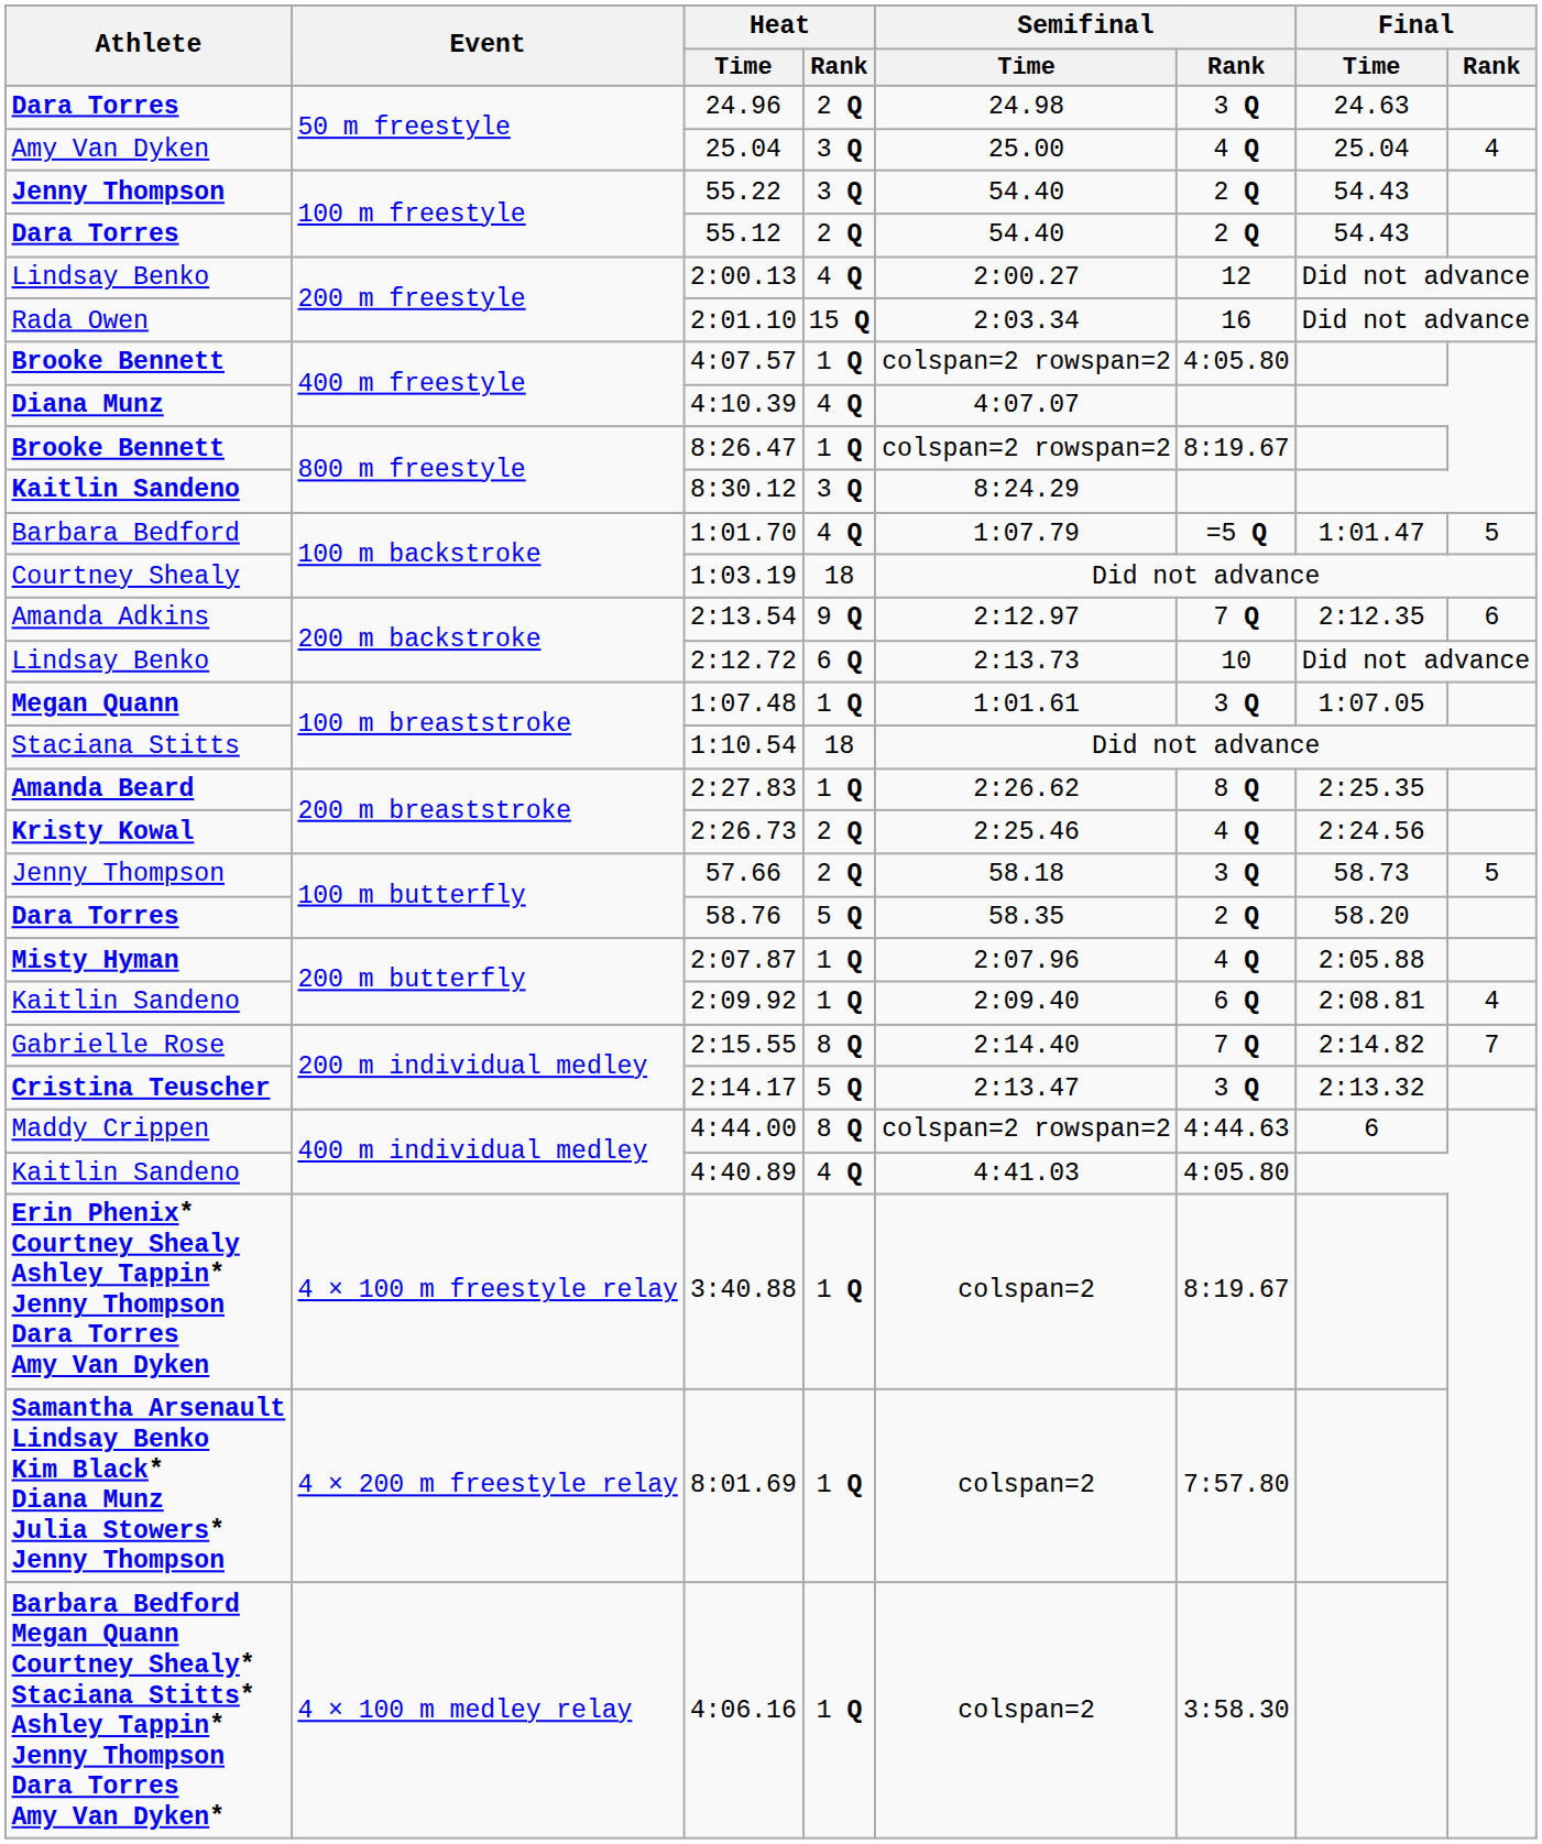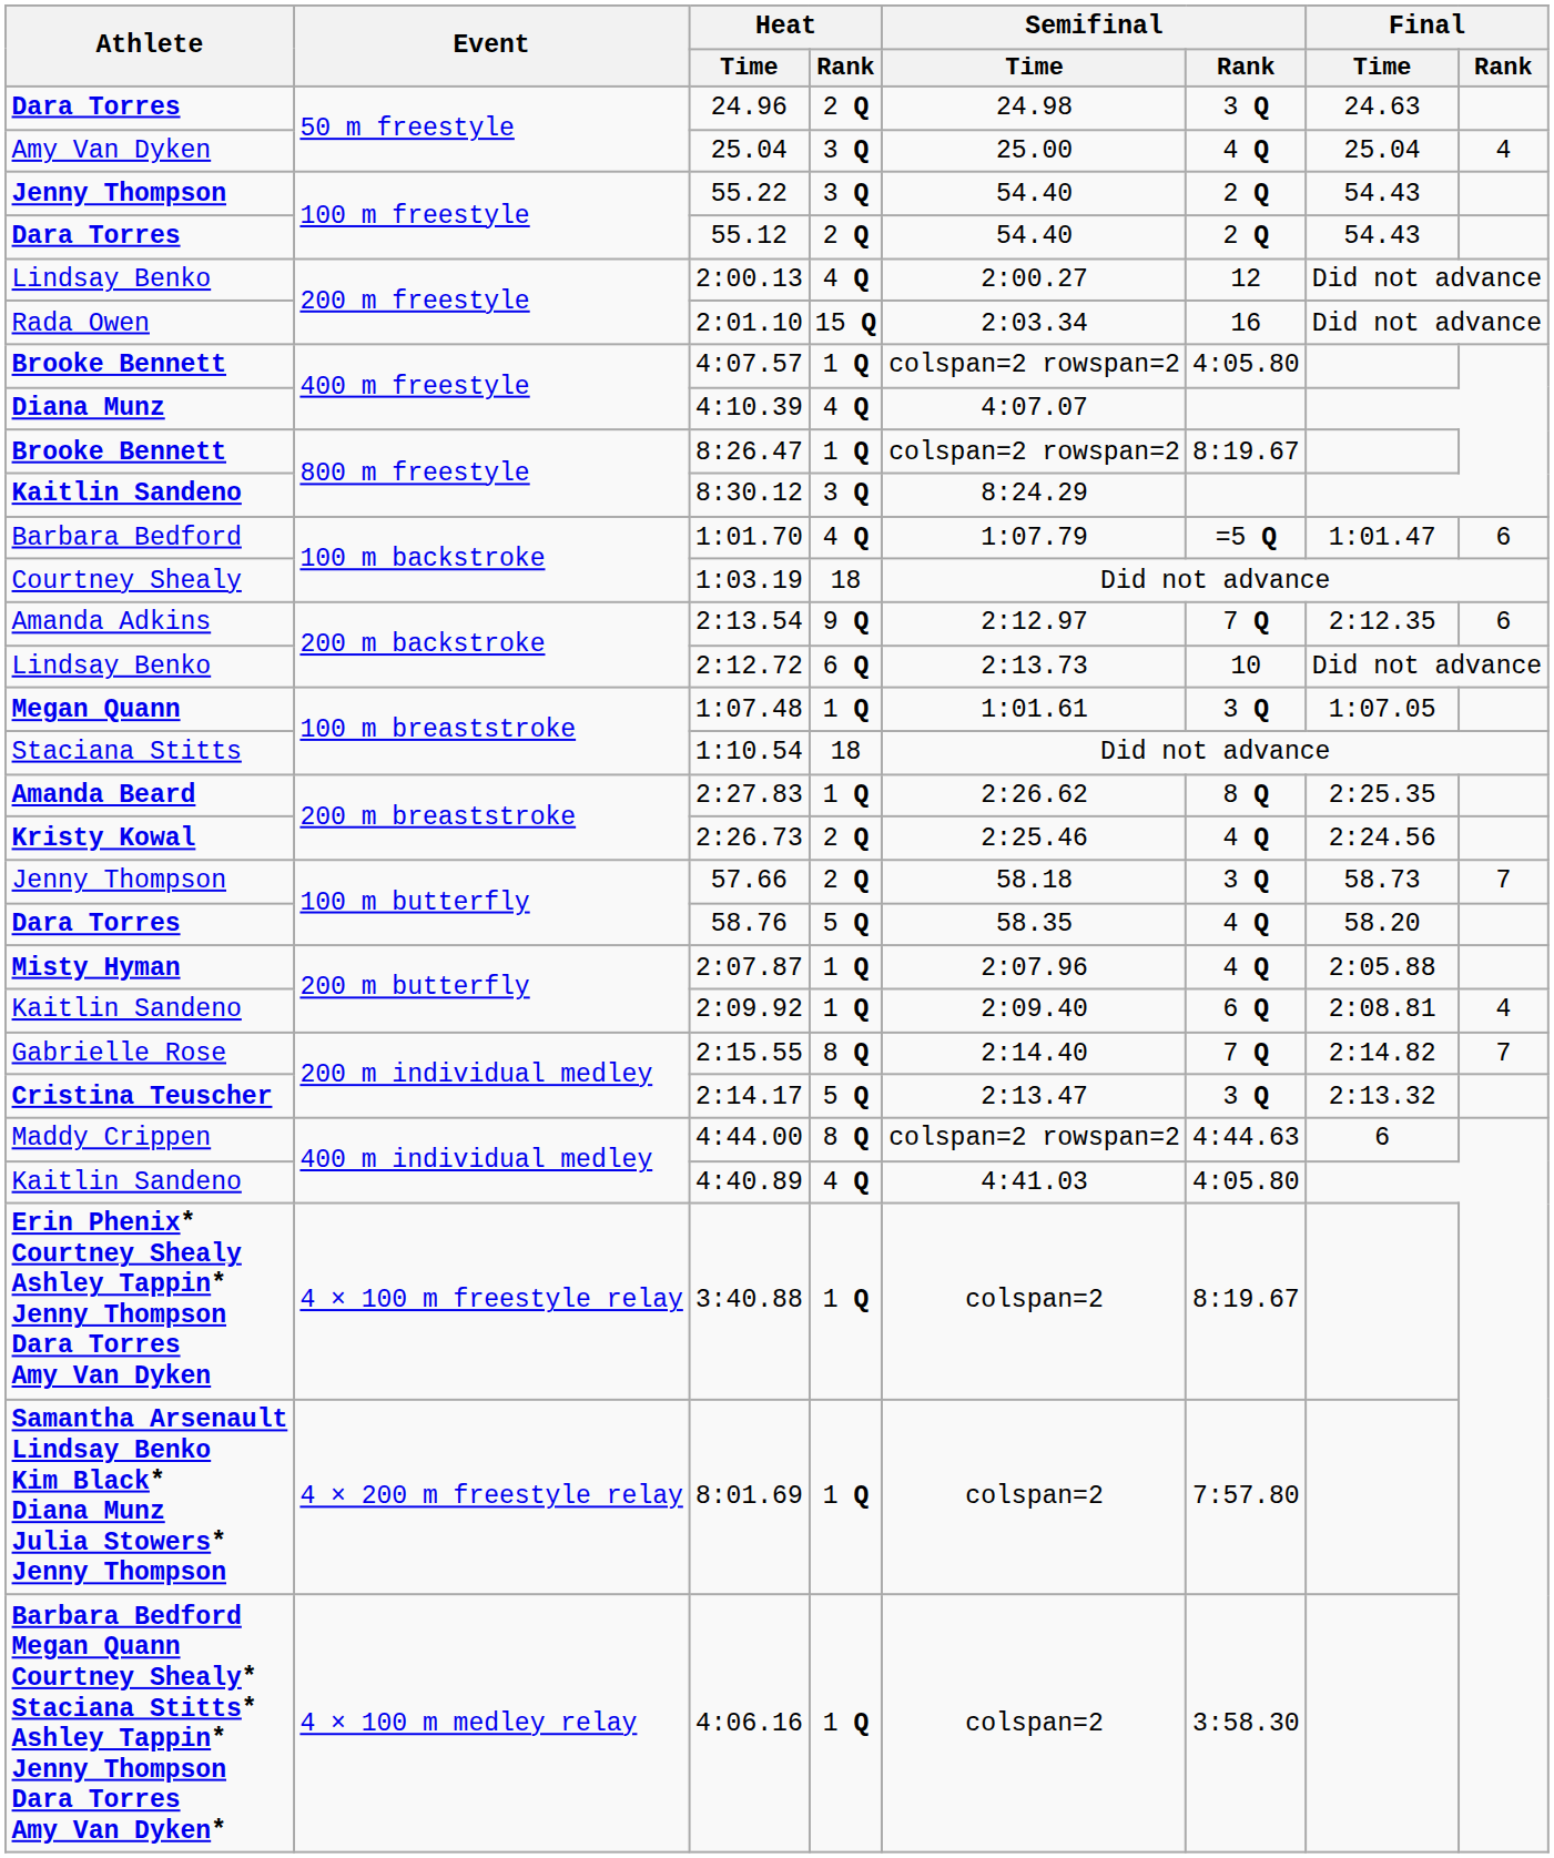 <table class=wikitable style=font-size:90%;text-align:center>
 <tr>
 <th rowspan=2>Athlete</th>
 <th rowspan=2>Event</th>
 <th colspan=2>Heat</th>
 <th colspan=2>Semifinal</th>
 <th colspan=2>Final</th>
 </tr>
 <tr style=font-size:95%>
 <th>Time</th>
 <th>Rank</th>
 <th>Time</th>
 <th>Rank</th>
 <th>Time</th>
 <th>Rank</th>
 </tr>
 <tr>
 <td align=left><strong><a href='#'>Dara Torres</a></strong></td>
 <td align=left rowspan=2><a href='#'>50 m freestyle</a></td>
 <td>24.96</td>
 <td>2 <strong>Q</strong></td>
 <td>24.98</td>
 <td>3 <strong>Q</strong></td>
 <td>24.63</td>
 <td></td>
 </tr>
 <tr>
 <td align=left><a href='#'>Amy Van Dyken</a></td>
 <td>25.04</td>
 <td>3 <strong>Q</strong></td>
 <td>25.00</td>
 <td>4 <strong>Q</strong></td>
 <td>25.04</td>
 <td>4</td>
 </tr>
 <tr>
 <td align=left><strong><a href='#'>Jenny Thompson</a></strong></td>
 <td align=left rowspan=2><a href='#'>100 m freestyle</a></td>
 <td>55.22</td>
 <td>3 <strong>Q</strong></td>
 <td>54.40</td>
 <td>2 <strong>Q</strong></td>
 <td>54.43</td>
 <td></td>
 </tr>
 <tr>
 <td align=left><strong><a href='#'>Dara Torres</a></strong></td>
 <td>55.12</td>
 <td>2 <strong>Q</strong></td>
 <td>54.40</td>
 <td>2 <strong>Q</strong></td>
 <td>54.43</td>
 <td></td>
 </tr>
 <tr>
 <td align=left><a href='#'>Lindsay Benko</a></td>
 <td align=left rowspan=2><a href='#'>200 m freestyle</a></td>
 <td>2:00.13</td>
 <td>4 <strong>Q</strong></td>
 <td>2:00.27</td>
 <td>12</td>
 <td colspan=2>Did not advance</td>
 </tr>
 <tr>
 <td align=left><a href='#'>Rada Owen</a></td>
 <td>2:01.10</td>
 <td>15 <strong>Q</strong></td>
 <td>2:03.34</td>
 <td>16</td>
 <td colspan=2>Did not advance</td>
 </tr>
 <tr>
 <td align=left><strong><a href='#'>Brooke Bennett</a></strong></td>
 <td align=left rowspan=2><a href='#'>400 m freestyle</a></td>
 <td>4:07.57</td>
 <td>1 <strong>Q</strong></td>
 <td>colspan=2 rowspan=2 </td>
 <td>4:05.80</td>
 <td></td>
 </tr>
 <tr>
 <td align=left><strong><a href='#'>Diana Munz</a></strong></td>
 <td>4:10.39</td>
 <td>4 <strong>Q</strong></td>
 <td>4:07.07</td>
 <td></td>
 </tr>
 <tr>
 <td align=left><strong><a href='#'>Brooke Bennett</a></strong></td>
 <td align=left rowspan=2><a href='#'>800 m freestyle</a></td>
 <td>8:26.47</td>
 <td>1 <strong>Q</strong></td>
 <td>colspan=2 rowspan=2 </td>
 <td>8:19.67 </td>
 <td></td>
 </tr>
 <tr>
 <td align=left><strong><a href='#'>Kaitlin Sandeno</a></strong></td>
 <td>8:30.12</td>
 <td>3 <strong>Q</strong></td>
 <td>8:24.29</td>
 <td></td>
 </tr>
 <tr>
 <td align=left><a href='#'>Barbara Bedford</a></td>
 <td align=left rowspan=2><a href='#'>100 m backstroke</a></td>
 <td>1:01.70</td>
 <td>4 <strong>Q</strong></td>
 <td>1:07.79</td>
 <td>=5 <strong>Q</strong></td>
 <td>1:01.47</td>
-<td>5</td>
+<td>6</td>
 </tr>
 <tr>
 <td align=left><a href='#'>Courtney Shealy</a></td>
 <td>1:03.19</td>
 <td>18</td>
 <td colspan=4>Did not advance</td>
 </tr>
 <tr>
 <td align=left><a href='#'>Amanda Adkins</a></td>
 <td align=left rowspan=2><a href='#'>200 m backstroke</a></td>
 <td>2:13.54</td>
 <td>9 <strong>Q</strong></td>
 <td>2:12.97</td>
 <td>7 <strong>Q</strong></td>
 <td>2:12.35</td>
 <td>6</td>
 </tr>
 <tr>
 <td align=left><a href='#'>Lindsay Benko</a></td>
 <td>2:12.72</td>
 <td>6 <strong>Q</strong></td>
 <td>2:13.73</td>
 <td>10</td>
 <td colspan=2>Did not advance</td>
 </tr>
 <tr>
 <td align=left><strong><a href='#'>Megan Quann</a></strong></td>
 <td align=left rowspan=2><a href='#'>100 m breaststroke</a></td>
 <td>1:07.48</td>
 <td>1 <strong>Q</strong></td>
 <td>1:01.61</td>
 <td>3 <strong>Q</strong></td>
 <td>1:07.05</td>
 <td></td>
 </tr>
 <tr>
 <td align=left><a href='#'>Staciana Stitts</a></td>
 <td>1:10.54</td>
 <td>18</td>
 <td colspan=4>Did not advance</td>
 </tr>
 <tr>
 <td align=left><strong><a href='#'>Amanda Beard</a></strong></td>
 <td align=left rowspan=2><a href='#'>200 m breaststroke</a></td>
 <td>2:27.83</td>
 <td>1 <strong>Q</strong></td>
 <td>2:26.62</td>
 <td>8 <strong>Q</strong></td>
 <td>2:25.35</td>
 <td></td>
 </tr>
 <tr>
 <td align=left><strong><a href='#'>Kristy Kowal</a></strong></td>
 <td>2:26.73</td>
 <td>2 <strong>Q</strong></td>
 <td>2:25.46</td>
 <td>4 <strong>Q</strong></td>
 <td>2:24.56</td>
 <td></td>
 </tr>
 <tr>
 <td align=left><a href='#'>Jenny Thompson</a></td>
 <td align=left rowspan=2><a href='#'>100 m butterfly</a></td>
 <td>57.66</td>
 <td>2 <strong>Q</strong></td>
 <td>58.18</td>
 <td>3 <strong>Q</strong></td>
 <td>58.73</td>
-<td>5</td>
+<td>7</td>
 </tr>
 <tr>
 <td align=left><strong><a href='#'>Dara Torres</a></strong></td>
 <td>58.76</td>
 <td>5 <strong>Q</strong></td>
 <td>58.35</td>
-<td>2 <strong>Q</strong></td>
+<td>4 <strong>Q</strong></td>
 <td>58.20</td>
 <td></td>
 </tr>
 <tr>
 <td align=left><strong><a href='#'>Misty Hyman</a></strong></td>
 <td align=left rowspan=2><a href='#'>200 m butterfly</a></td>
 <td>2:07.87</td>
 <td>1 <strong>Q</strong></td>
 <td>2:07.96</td>
 <td>4 <strong>Q</strong></td>
 <td>2:05.88 </td>
 <td></td>
 </tr>
 <tr>
 <td align=left><a href='#'>Kaitlin Sandeno</a></td>
 <td>2:09.92</td>
 <td>1 <strong>Q</strong></td>
 <td>2:09.40</td>
 <td>6 <strong>Q</strong></td>
 <td>2:08.81</td>
 <td>4</td>
 </tr>
 <tr>
 <td align=left><a href='#'>Gabrielle Rose</a></td>
 <td align=left rowspan=2><a href='#'>200 m individual medley</a></td>
 <td>2:15.55</td>
 <td>8 <strong>Q</strong></td>
 <td>2:14.40</td>
 <td>7 <strong>Q</strong></td>
 <td>2:14.82</td>
 <td>7</td>
 </tr>
 <tr>
 <td align=left><strong><a href='#'>Cristina Teuscher</a></strong></td>
 <td>2:14.17</td>
 <td>5 <strong>Q</strong></td>
 <td>2:13.47</td>
 <td>3 <strong>Q</strong></td>
 <td>2:13.32</td>
 <td></td>
 </tr>
 <tr>
 <td align=left><a href='#'>Maddy Crippen</a></td>
 <td align=left rowspan=2><a href='#'>400 m individual medley</a></td>
 <td>4:44.00</td>
 <td>8 <strong>Q</strong></td>
 <td>colspan=2 rowspan=2 </td>
 <td>4:44.63</td>
 <td>6</td>
 </tr>
 <tr>
 <td align=left><a href='#'>Kaitlin Sandeno</a></td>
 <td>4:40.89</td>
 <td>4 <strong>Q</strong></td>
 <td>4:41.03</td>
 <td>4:05.80</td>
 </tr>
 <tr>
 <td align=left><strong><a href='#'>Erin Phenix</a>*<br><a href='#'>Courtney Shealy</a><br><a href='#'>Ashley Tappin</a>*<br><a href='#'>Jenny Thompson</a><br><a href='#'>Dara Torres</a><br><a href='#'>Amy Van Dyken</a></strong></td>
 <td align=left><a href='#'>4 × 100 m freestyle relay</a></td>
 <td>3:40.88</td>
 <td>1 <strong>Q</strong></td>
 <td>colspan=2 </td>
 <td>8:19.67 </td>
 <td></td>
 </tr>
 <tr>
 <td align=left><strong><a href='#'>Samantha Arsenault</a><br><a href='#'>Lindsay Benko</a><br><a href='#'>Kim Black</a>*<br><a href='#'>Diana Munz</a><br><a href='#'>Julia Stowers</a>*<br><a href='#'>Jenny Thompson</a></strong></td>
 <td align=left><a href='#'>4 × 200 m freestyle relay</a></td>
 <td>8:01.69</td>
 <td>1 <strong>Q</strong></td>
 <td>colspan=2 </td>
 <td>7:57.80 </td>
 <td></td>
 </tr>
 <tr>
 <td align=left><strong><a href='#'>Barbara Bedford</a><br><a href='#'>Megan Quann</a><br><a href='#'>Courtney Shealy</a>*<br><a href='#'>Staciana Stitts</a>*<br><a href='#'>Ashley Tappin</a>*<br><a href='#'>Jenny Thompson</a><br><a href='#'>Dara Torres</a><br><a href='#'>Amy Van Dyken</a>*</strong></td>
 <td align=left><a href='#'>4 × 100 m medley relay</a></td>
 <td>4:06.16</td>
 <td>1 <strong>Q</strong></td>
 <td>colspan=2 </td>
 <td>3:58.30 </td>
 <td></td>
 </tr>
 </table>
